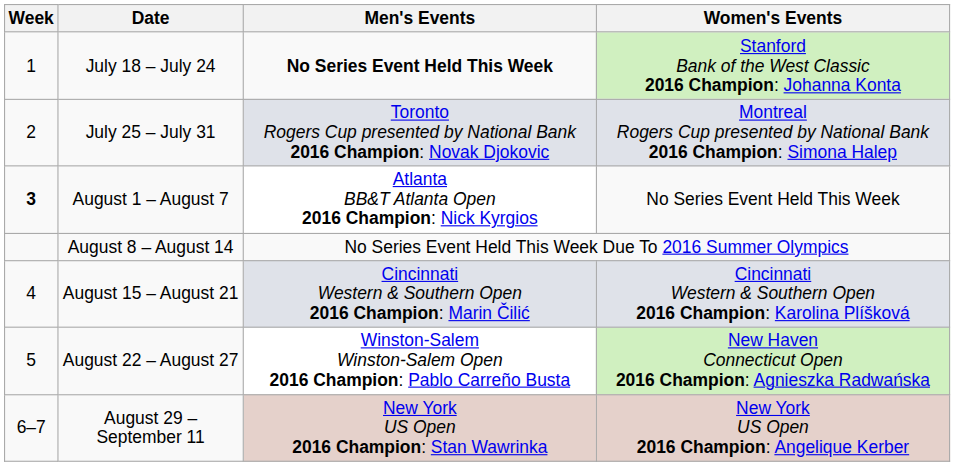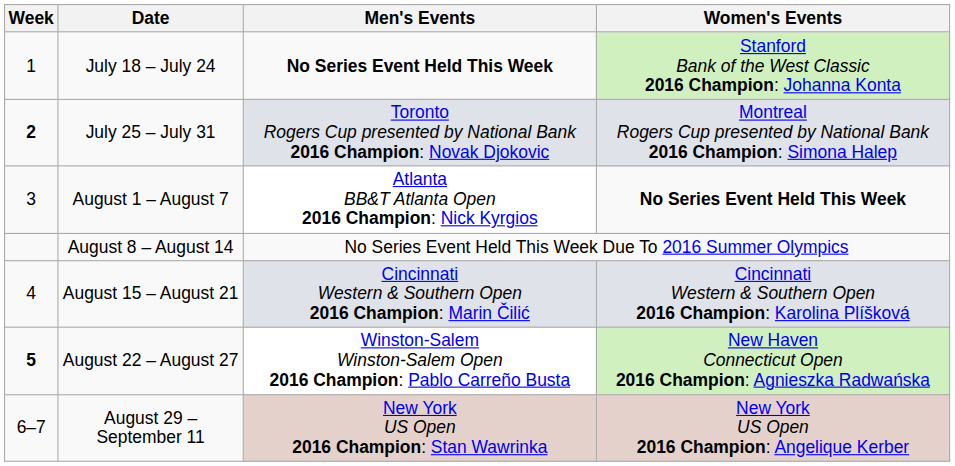 <table class="wikitable">
 <tr>
 <th width=30>Week</th>
 <th width=175>Date</th>
 <th width=350>Men's Events</th>
 <th width=350>Women's Events</th>
 </tr>
 <tr align=center>
 <td>1</td>
 <td>July 18 – July 24</td>
 <td><strong>No Series Event Held This Week</strong></td>
 <td bgcolor="d0f0c0"><a href='#'>Stanford</a><br><em>Bank of the West Classic</em><br><strong>2016 Champion</strong>:  <a href='#'>Johanna Konta</a></td>
 </tr>
 <tr align=center>
-<td>2</td>
+<td><strong>2</strong></td>
 <td>July 25 – July 31</td>
 <td bgcolor="#dfe2e9"><a href='#'>Toronto</a><br><em>Rogers Cup presented by National Bank</em><br><strong>2016 Champion</strong>:  <a href='#'>Novak Djokovic</a></td>
 <td bgcolor="#dfe2e9"><a href='#'>Montreal</a><br><em>Rogers Cup presented by National Bank</em><br><strong>2016 Champion</strong>:  <a href='#'>Simona Halep</a></td>
 </tr>
 <tr align=center>
-<td><strong>3</strong></td>
+<td>3</td>
 <td>August 1 – August 7</td>
 <td bgcolor="#ffffff"><a href='#'>Atlanta</a><br><em>BB&T Atlanta Open</em><br><strong>2016 Champion</strong>:  <a href='#'>Nick Kyrgios</a></td>
-<td>No Series Event Held This Week</td>
+<td><strong>No Series Event Held This Week</strong></td>
 </tr>
 <tr align=center>
 <td></td>
 <td>August 8 – August 14</td>
 <td colspan="2">No Series Event Held This Week Due To <a href='#'>2016 Summer Olympics</a></td>
 </tr>
 <tr align=center>
 <td>4</td>
 <td>August 15 – August 21</td>
 <td bgcolor="#dfe2e9"><a href='#'>Cincinnati</a><br><em>Western & Southern Open</em><br><strong>2016 Champion</strong>:  <a href='#'>Marin Čilić</a></td>
 <td bgcolor="#dfe2e9"><a href='#'>Cincinnati</a><br><em>Western & Southern Open</em><br><strong>2016 Champion</strong>:  <a href='#'>Karolina Plíšková</a></td>
 </tr>
 <tr align=center>
-<td>5</td>
+<td><strong>5</strong></td>
 <td>August 22 – August 27</td>
 <td bgcolor="#ffffff"><a href='#'>Winston-Salem</a><br> <em>Winston-Salem Open</em><br><strong>2016 Champion</strong>:  <a href='#'>Pablo Carreño Busta</a></td>
 <td bgcolor="d0f0c0"><a href='#'>New Haven</a><br> <em>Connecticut Open</em><br><strong>2016 Champion</strong>:  <a href='#'>Agnieszka Radwańska</a></td>
 </tr>
 <tr align=center>
 <td>6–7</td>
 <td>August 29 – September 11</td>
 <td bgcolor="#e5d1cb"><a href='#'>New York</a><br> <em>US Open</em><br><strong>2016 Champion</strong>:  <a href='#'>Stan Wawrinka</a></td>
 <td bgcolor="#e5d1cb"><a href='#'>New York</a><br> <em>US Open</em><br><strong>2016 Champion</strong>:   <a href='#'>Angelique Kerber</a></td>
 </tr>
 </table>
